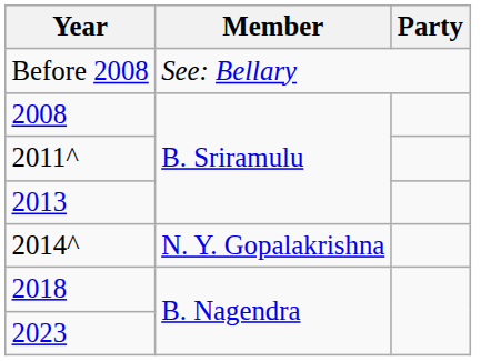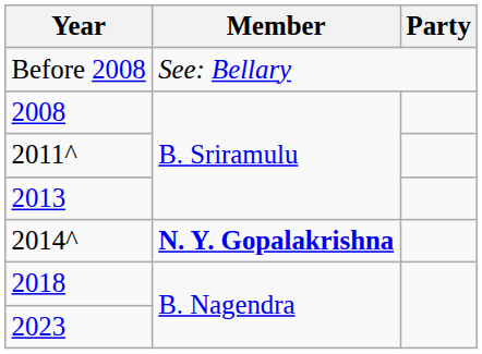 <table class="wikitable sortable">
 <tr>
 <th>Year</th>
 <th>Member</th>
 <th colspan="2">Party</th>
 </tr>
 <tr>
 <td>Before <a href='#'>2008</a></td>
 <td colspan="3"><em>See: <a href='#'>Bellary</a></em></td>
 </tr>
 <tr>
 <td><a href='#'>2008</a></td>
 <td rowspan=3><a href='#'>B. Sriramulu</a></td>
 <td></td>
 </tr>
 <tr>
 <td>2011^</td>
 <td></td>
 </tr>
 <tr>
 <td><a href='#'>2013</a></td>
 <td></td>
 </tr>
 <tr>
 <td>2014^</td>
-<td><a href='#'>N. Y. Gopalakrishna</a></td>
+<td><strong><a href='#'>N. Y. Gopalakrishna</a></strong></td>
 <td></td>
 </tr>
 <tr>
 <td><a href='#'>2018</a></td>
 <td rowspan=2><a href='#'>B. Nagendra</a></td>
 </tr>
 <tr>
 <td><a href='#'>2023</a></td>
 </tr>
 </table>
